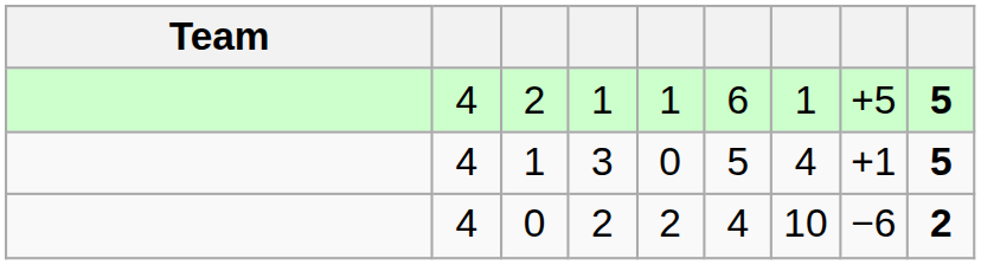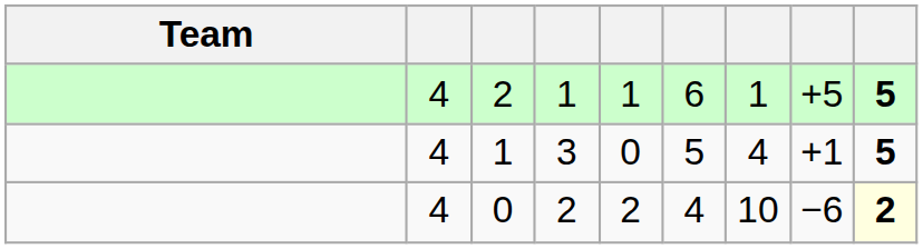 <table class="wikitable" style="text-align:center">
 <tr>
 <th width=165>Team</th>
 <th width=20></th>
 <th width=20></th>
 <th width=20></th>
 <th width=20></th>
 <th width=20></th>
 <th width=20></th>
 <th width=20></th>
 <th width=20></th>
 </tr>
 <tr align=center bgcolor=ccffcc>
 <td align=left></td>
 <td>4</td>
 <td>2</td>
 <td>1</td>
 <td>1</td>
 <td>6</td>
 <td>1</td>
 <td>+5</td>
 <td><strong>5</strong></td>
 </tr>
 <tr align=center>
 <td align=left></td>
 <td>4</td>
 <td>1</td>
 <td>3</td>
 <td>0</td>
 <td>5</td>
 <td>4</td>
 <td>+1</td>
 <td><strong>5</strong></td>
 </tr>
 <tr align=center>
 <td align=left></td>
 <td>4</td>
 <td>0</td>
 <td>2</td>
 <td>2</td>
 <td>4</td>
 <td>10</td>
 <td>−6</td>
-<td><strong>2</strong></td>
+<td style="background: lightyellow;"><strong>2</strong></td>
 </tr>
 </table>
